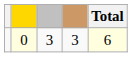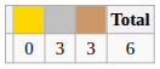 <table class="wikitable">
 <tr>
 <th></th>
 <th style="background-color:gold">        </th>
 <th style="background-color:silver">      </th>
 <th style="background-color:#CC9966">      </th>
 <th>Total</th>
 </tr>
 <tr align="center">
 <td></td>
-<td style="background: lightyellow;">0</td>
+<td>0</td>
 <td>3</td>
 <td>3</td>
-<td style="background: lightyellow;">6</td>
+<td>6</td>
 </tr>
 </table>
